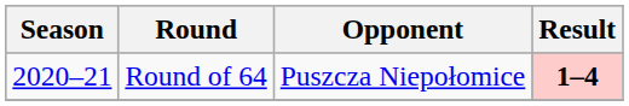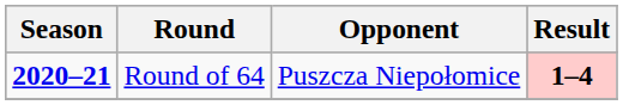 <table class=wikitable style="font-size: 90%; style="width: 70%; text-align:center">
 <tr>
 <th>Season</th>
 <th>Round</th>
 <th>Opponent</th>
 <th>Result</th>
 </tr>
 <tr>
-<td><a href='#'>2020–21</a></td>
+<td><strong><a href='#'>2020–21</a></strong></td>
 <td><a href='#'>Round of 64</a></td>
 <td><a href='#'>Puszcza Niepołomice</a></td>
 <td align="center" style="background:#FFCCCC;"><strong>1–4</strong></td>
 </tr>
 <tr>
 </tr>
 </table>
